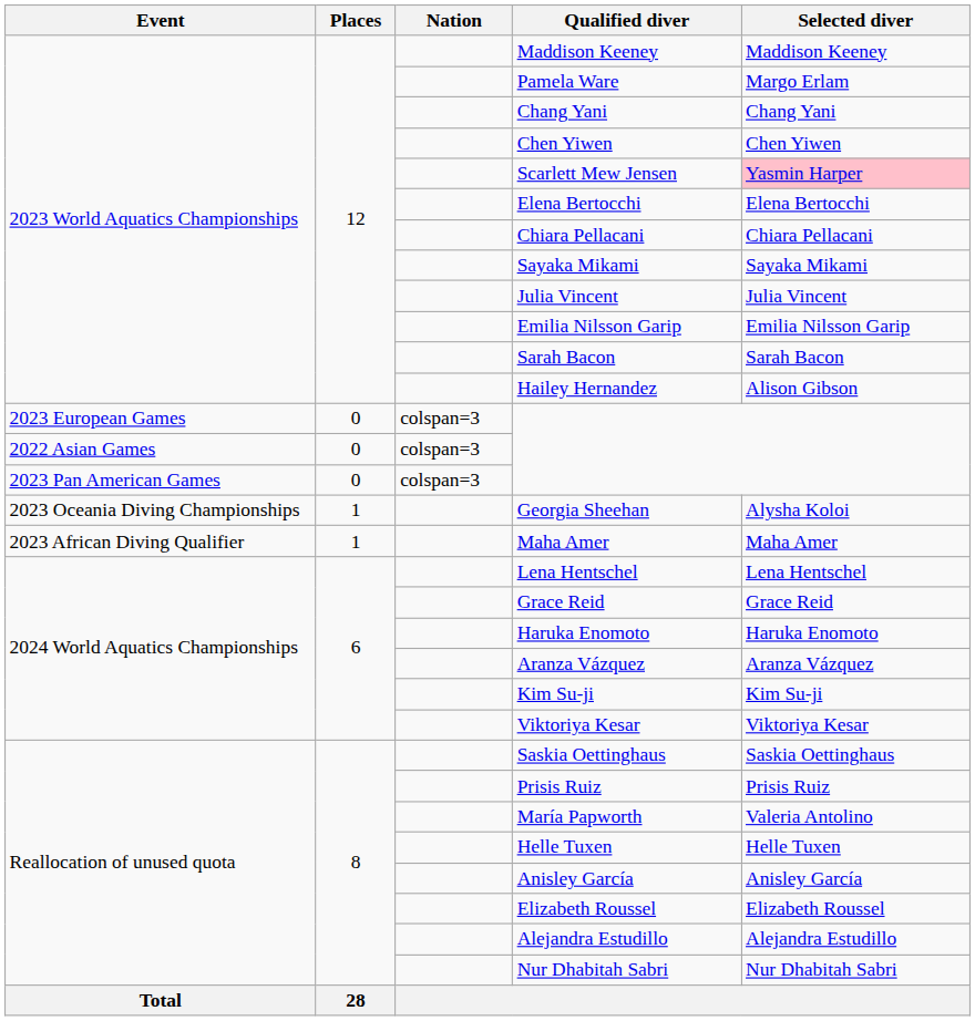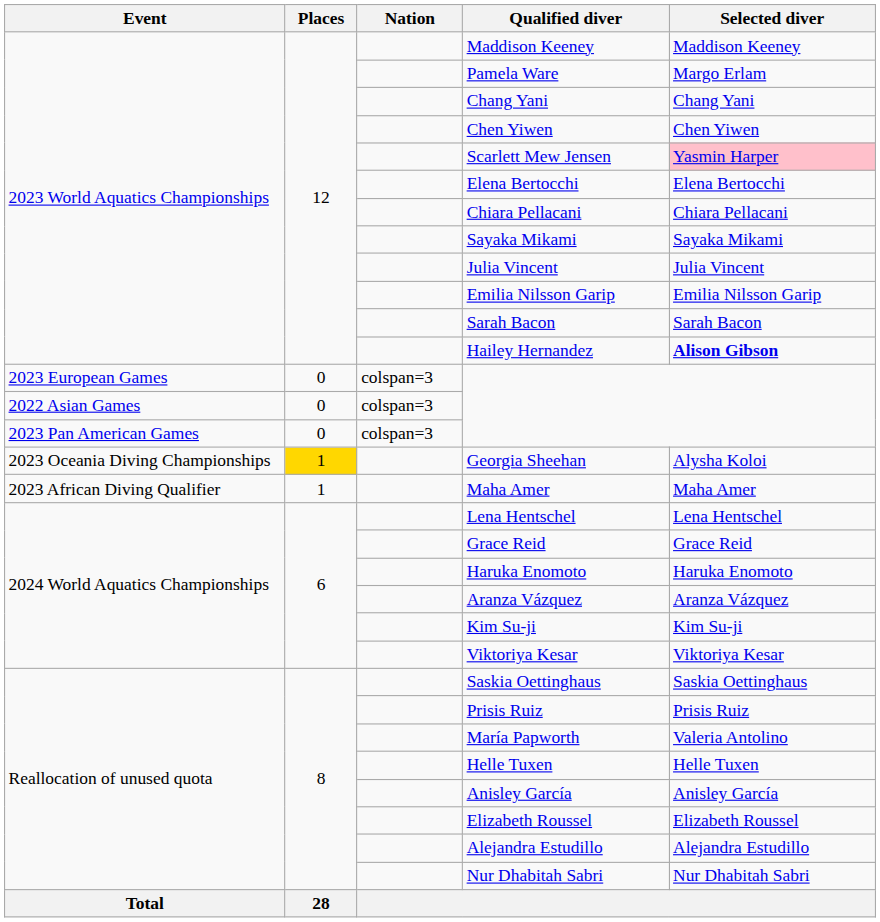 <table class="wikitable" width=800>
 <tr>
 <th width=250>Event</th>
 <th>Places</th>
 <th>Nation</th>
 <th>Qualified diver</th>
 <th>Selected diver</th>
 </tr>
 <tr>
 <td rowspan=12><a href='#'>2023 World Aquatics Championships</a></td>
 <td rowspan=12 align=center>12</td>
 <td></td>
 <td><a href='#'>Maddison Keeney</a></td>
 <td><a href='#'>Maddison Keeney</a></td>
 </tr>
 <tr>
 <td></td>
 <td><a href='#'>Pamela Ware</a></td>
 <td><a href='#'>Margo Erlam</a></td>
 </tr>
 <tr>
 <td></td>
 <td><a href='#'>Chang Yani</a></td>
 <td><a href='#'>Chang Yani</a></td>
 </tr>
 <tr>
 <td></td>
 <td><a href='#'>Chen Yiwen</a></td>
 <td><a href='#'>Chen Yiwen</a></td>
 </tr>
 <tr>
 <td></td>
 <td><a href='#'>Scarlett Mew Jensen</a></td>
 <td style="background: pink;"><a href='#'>Yasmin Harper</a></td>
 </tr>
 <tr>
 <td></td>
 <td><a href='#'>Elena Bertocchi</a></td>
 <td><a href='#'>Elena Bertocchi</a></td>
 </tr>
 <tr>
 <td></td>
 <td><a href='#'>Chiara Pellacani</a></td>
 <td><a href='#'>Chiara Pellacani</a></td>
 </tr>
 <tr>
 <td></td>
 <td><a href='#'>Sayaka Mikami</a></td>
 <td><a href='#'>Sayaka Mikami</a></td>
 </tr>
 <tr>
 <td></td>
 <td><a href='#'>Julia Vincent</a></td>
 <td><a href='#'>Julia Vincent</a></td>
 </tr>
 <tr>
 <td></td>
 <td><a href='#'>Emilia Nilsson Garip</a></td>
 <td><a href='#'>Emilia Nilsson Garip</a></td>
 </tr>
 <tr>
 <td></td>
 <td><a href='#'>Sarah Bacon</a></td>
 <td><a href='#'>Sarah Bacon</a></td>
 </tr>
 <tr>
 <td></td>
 <td><a href='#'>Hailey Hernandez</a></td>
-<td><a href='#'>Alison Gibson</a></td>
+<td><strong><a href='#'>Alison Gibson</a></strong></td>
 </tr>
 <tr>
 <td><a href='#'>2023 European Games</a></td>
 <td align=center>0</td>
 <td>colspan=3 </td>
 </tr>
 <tr>
 <td><a href='#'>2022 Asian Games</a></td>
 <td align=center>0</td>
 <td>colspan=3 </td>
 </tr>
 <tr>
 <td><a href='#'>2023 Pan American Games</a></td>
 <td align=center>0</td>
 <td>colspan=3 </td>
 </tr>
 <tr>
 <td>2023 Oceania Diving Championships</td>
-<td align=center>1</td>
+<td align=center style="background: gold;">1</td>
 <td></td>
 <td><a href='#'>Georgia Sheehan</a></td>
 <td><a href='#'>Alysha Koloi</a></td>
 </tr>
 <tr>
 <td>2023 African Diving Qualifier</td>
 <td align=center>1</td>
 <td></td>
 <td><a href='#'>Maha Amer</a></td>
 <td><a href='#'>Maha Amer</a></td>
 </tr>
 <tr>
 <td rowspan=6>2024 World Aquatics Championships</td>
 <td rowspan=6 align=center>6</td>
 <td></td>
 <td><a href='#'>Lena Hentschel</a></td>
 <td><a href='#'>Lena Hentschel</a></td>
 </tr>
 <tr>
 <td></td>
 <td><a href='#'>Grace Reid</a></td>
 <td><a href='#'>Grace Reid</a></td>
 </tr>
 <tr>
 <td></td>
 <td><a href='#'>Haruka Enomoto</a></td>
 <td><a href='#'>Haruka Enomoto</a></td>
 </tr>
 <tr>
 <td></td>
 <td><a href='#'>Aranza Vázquez</a></td>
 <td><a href='#'>Aranza Vázquez</a></td>
 </tr>
 <tr>
 <td></td>
 <td><a href='#'>Kim Su-ji</a></td>
 <td><a href='#'>Kim Su-ji</a></td>
 </tr>
 <tr>
 <td></td>
 <td><a href='#'>Viktoriya Kesar</a></td>
 <td><a href='#'>Viktoriya Kesar</a></td>
 </tr>
 <tr>
 <td rowspan="8">Reallocation of unused quota</td>
 <td rowspan="8" align="center">8</td>
 <td></td>
 <td><a href='#'>Saskia Oettinghaus</a></td>
 <td><a href='#'>Saskia Oettinghaus</a></td>
 </tr>
 <tr>
 <td></td>
 <td><a href='#'>Prisis Ruiz</a></td>
 <td><a href='#'>Prisis Ruiz</a></td>
 </tr>
 <tr>
 <td></td>
 <td><a href='#'>María Papworth</a></td>
 <td><a href='#'>Valeria Antolino</a></td>
 </tr>
 <tr>
 <td></td>
 <td><a href='#'>Helle Tuxen</a></td>
 <td><a href='#'>Helle Tuxen</a></td>
 </tr>
 <tr>
 <td></td>
 <td><a href='#'>Anisley García</a></td>
 <td><a href='#'>Anisley García</a></td>
 </tr>
 <tr>
 <td></td>
 <td><a href='#'>Elizabeth Roussel</a></td>
 <td><a href='#'>Elizabeth Roussel</a></td>
 </tr>
 <tr>
 <td></td>
 <td><a href='#'>Alejandra Estudillo</a></td>
 <td><a href='#'>Alejandra Estudillo</a></td>
 </tr>
 <tr>
 <td></td>
 <td><a href='#'>Nur Dhabitah Sabri</a></td>
 <td><a href='#'>Nur Dhabitah Sabri</a></td>
 </tr>
 <tr>
 <th>Total</th>
 <th>28</th>
 <th colspan="3"></th>
 </tr>
 </table>
